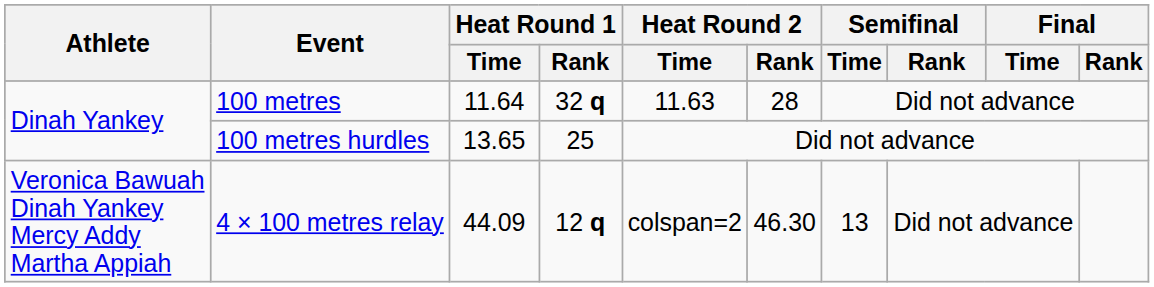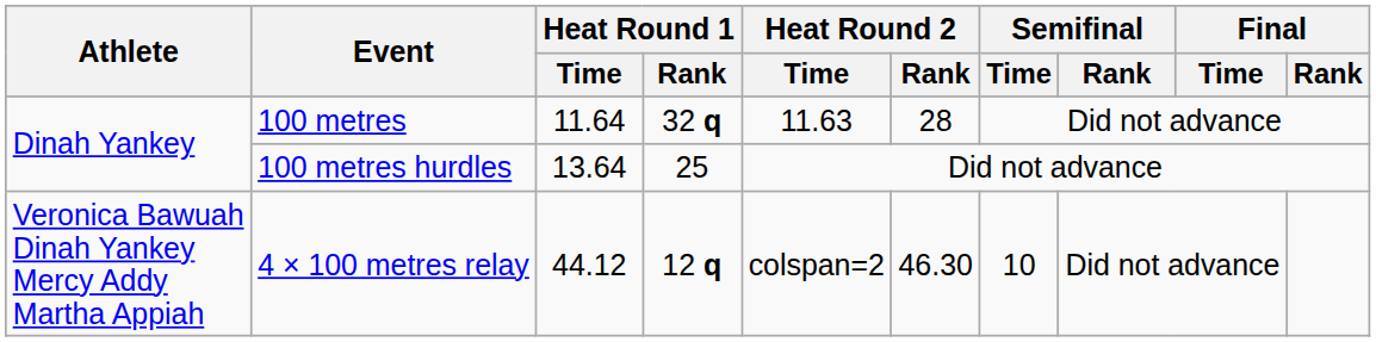 <table class=wikitable style="font-size:90%; text-align:center">
 <tr>
 <th rowspan=2>Athlete</th>
 <th rowspan=2>Event</th>
 <th colspan=2>Heat Round 1</th>
 <th colspan=2>Heat Round 2</th>
 <th colspan=2>Semifinal</th>
 <th colspan=2>Final</th>
 </tr>
 <tr style=font-size:95%>
 <th>Time</th>
 <th>Rank</th>
 <th>Time</th>
 <th>Rank</th>
 <th>Time</th>
 <th>Rank</th>
 <th>Time</th>
 <th>Rank</th>
 </tr>
 <tr align=center>
 <td align=left rowspan=2><a href='#'>Dinah Yankey</a></td>
 <td align=left><a href='#'>100 metres</a></td>
 <td>11.64</td>
 <td>32 <strong>q</strong></td>
 <td>11.63</td>
 <td>28</td>
 <td colspan=4>Did not advance</td>
 </tr>
 <tr align=center>
 <td align=left><a href='#'>100 metres hurdles</a></td>
-<td>13.65</td>
+<td>13.64</td>
 <td>25</td>
 <td colspan=6>Did not advance</td>
 </tr>
 <tr align=center>
 <td align=left><a href='#'>Veronica Bawuah</a><br><a href='#'>Dinah Yankey</a><br><a href='#'>Mercy Addy</a><br><a href='#'>Martha Appiah</a></td>
 <td align=left><a href='#'>4 × 100 metres relay</a></td>
-<td>44.09</td>
+<td>44.12</td>
 <td>12 <strong>q</strong></td>
 <td>colspan=2</td>
 <td>46.30</td>
-<td>13</td>
+<td>10</td>
 <td colspan=2>Did not advance</td>
 </tr>
 </table>
